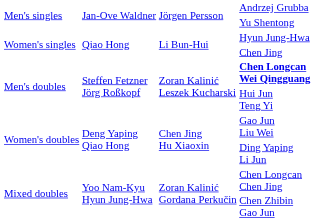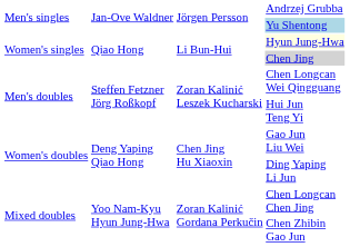 <table>
 <tr>
 <td rowspan=2><a href='#'>Men's singles</a></td>
 <td rowspan=2> <a href='#'>Jan-Ove Waldner</a></td>
 <td rowspan=2> <a href='#'>Jörgen Persson</a></td>
 <td> <a href='#'>Andrzej Grubba</a></td>
 </tr>
 <tr>
-<td> <a href='#'>Yu Shentong</a></td>
+<td style="background: lightblue;"> <a href='#'>Yu Shentong</a></td>
 </tr>
 <tr |>
 <td rowspan=2><a href='#'>Women's singles</a></td>
 <td rowspan=2> <a href='#'>Qiao Hong</a></td>
 <td rowspan=2> <a href='#'>Li Bun-Hui</a></td>
-<td> <a href='#'>Hyun Jung-Hwa</a></td>
+<td style="background: lightyellow;"> <a href='#'>Hyun Jung-Hwa</a></td>
 </tr>
 <tr>
-<td> <a href='#'>Chen Jing</a></td>
+<td style="background: lightgrey;"> <a href='#'>Chen Jing</a></td>
 </tr>
 <tr>
 <td rowspan=2><a href='#'>Men's doubles</a></td>
 <td rowspan=2> <a href='#'>Steffen Fetzner</a><br> <a href='#'>Jörg Roßkopf</a></td>
 <td rowspan=2> <a href='#'>Zoran Kalinić</a><br> <a href='#'>Leszek Kucharski</a></td>
-<td><strong> <a href='#'>Chen Longcan</a><br> <a href='#'>Wei Qingguang</a></strong></td>
+<td> <a href='#'>Chen Longcan</a><br> <a href='#'>Wei Qingguang</a></td>
 </tr>
 <tr>
 <td> <a href='#'>Hui Jun</a><br> <a href='#'>Teng Yi</a></td>
 </tr>
 <tr>
 <td rowspan=2><a href='#'>Women's doubles</a></td>
 <td rowspan=2> <a href='#'>Deng Yaping</a><br> <a href='#'>Qiao Hong</a></td>
 <td rowspan=2> <a href='#'>Chen Jing</a><br> <a href='#'>Hu Xiaoxin</a></td>
 <td> <a href='#'>Gao Jun</a><br> <a href='#'>Liu Wei</a></td>
 </tr>
 <tr>
 <td> <a href='#'>Ding Yaping</a><br> <a href='#'>Li Jun</a></td>
 </tr>
 <tr>
 <td rowspan=2><a href='#'>Mixed doubles</a></td>
 <td rowspan=2> <a href='#'>Yoo Nam-Kyu</a><br> <a href='#'>Hyun Jung-Hwa</a></td>
 <td rowspan=2> <a href='#'>Zoran Kalinić</a><br> <a href='#'>Gordana Perkučin</a></td>
 <td> <a href='#'>Chen Longcan</a><br> <a href='#'>Chen Jing</a></td>
 </tr>
 <tr>
 <td> <a href='#'>Chen Zhibin</a><br> <a href='#'>Gao Jun</a></td>
 </tr>
 </table>
